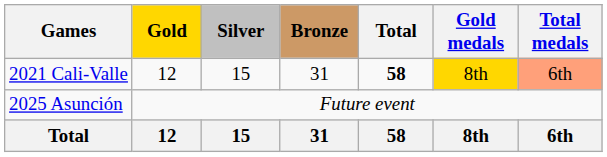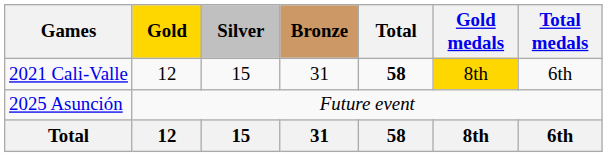 <table class="wikitable" style="text-align:center; font-size:90%;">
 <tr>
 <th>Games</th>
 <td style="background:gold; width:3.2em; font-weight:bold;">Gold</td>
 <td style="background:silver; width:3.7em; font-weight:bold;">Silver</td>
 <td style="background:#c96; width:3.7em; font-weight:bold;">Bronze</td>
 <th style="width:3.5em; font-weight:bold;">Total</th>
 <th style="width:4em; font-weight:bold;"><a href='#'>Gold medals</a></th>
 <th style="width:4em; font-weight:bold;"><a href='#'>Total medals</a></th>
 </tr>
 <tr>
 <td align=left> <a href='#'>2021 Cali-Valle</a></td>
 <td>12</td>
 <td>15</td>
 <td>31</td>
 <td><strong>58</strong></td>
 <td style="background: gold;">8th</td>
-<td style="background: lightsalmon;">6th</td>
+<td>6th</td>
 </tr>
 <tr>
 <td align=left> <a href='#'>2025 Asunción</a></td>
 <td colspan="6"><em>Future event</em></td>
 </tr>
 <tr>
 <th>Total</th>
 <th>12</th>
 <th>15</th>
 <th>31</th>
 <th>58</th>
 <th>8th</th>
 <th>6th</th>
 </tr>
 </table>
